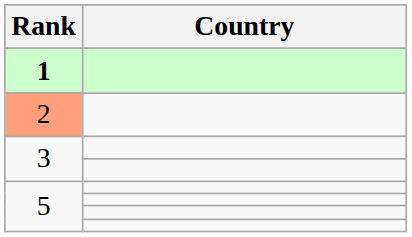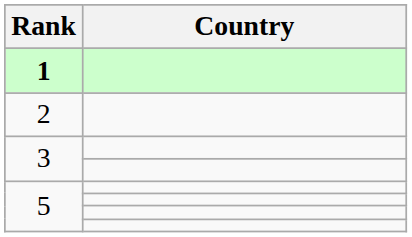 <table class=wikitable style="text-align:center;">
 <tr>
 <th>Rank</th>
 <th width=180>Country</th>
 </tr>
 <tr bgcolor=ccffcc>
 <td><strong>1</strong></td>
 <td align=left></td>
 </tr>
 <tr>
-<td style="background: lightsalmon;">2</td>
+<td>2</td>
 <td align=left></td>
 </tr>
 <tr>
 <td rowspan=2>3</td>
 <td align=left></td>
 </tr>
 <tr>
 <td align=left></td>
 </tr>
 <tr>
 <td rowspan=4>5</td>
 <td align=left></td>
 </tr>
 <tr>
 <td align=left></td>
 </tr>
 <tr>
 <td align=left></td>
 </tr>
 <tr>
 <td align=left></td>
 </tr>
 </table>
